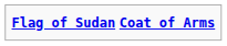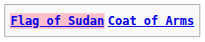 <table class="infobox" style="text-align: center;">
 <tr>
 <td></td>
 <td></td>
 </tr>
 <tr>
-<td><strong><a href='#'>Flag of Sudan</a></strong></td>
+<td style="background: pink;"><strong><a href='#'>Flag of Sudan</a></strong></td>
 <td><strong><a href='#'>Coat of Arms</a></strong></td>
 </tr>
 <tr>
 <td colspan="2"></td>
 </tr>
 </table>
